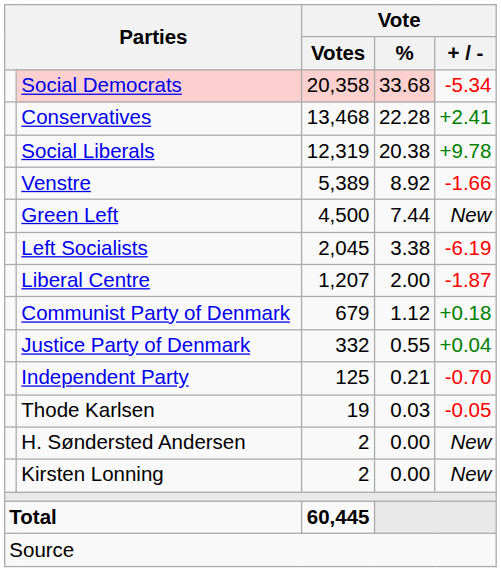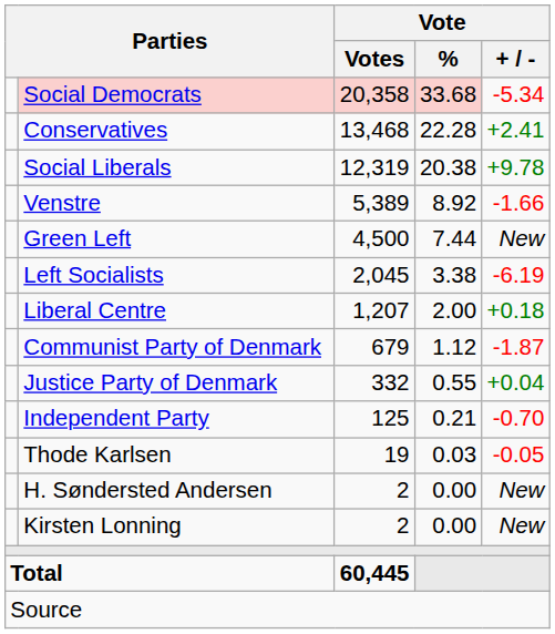 <table class="wikitable" style="text-align:right;">
 <tr>
 <th style="text-align:centre;" rowspan="2" colspan="2" width="225">Parties</th>
 <th colspan="3">Vote</th>
 </tr>
 <tr>
 <th width="15">Votes</th>
 <th width="15">%</th>
 <th width="15">+ / -</th>
 </tr>
 <tr>
 <td width="2" style="color:inherit;background:"></td>
 <td bgcolor=#fbd0ce  align="left"><a href='#'>Social Democrats</a></td>
 <td bgcolor=#fbd0ce>20,358</td>
 <td bgcolor=#fbd0ce>33.68</td>
 <td style=color:red;>-5.34</td>
 </tr>
 <tr>
 <td width="2" style="color:inherit;background:"></td>
 <td align="left"><a href='#'>Conservatives</a></td>
 <td>13,468</td>
 <td>22.28</td>
 <td style=color:green;>+2.41</td>
 </tr>
 <tr>
 <td width="2" style="color:inherit;background:"></td>
 <td align="left"><a href='#'>Social Liberals</a></td>
 <td>12,319</td>
 <td>20.38</td>
 <td style=color:green;>+9.78</td>
 </tr>
 <tr>
 <td width="2" style="color:inherit;background:"></td>
 <td align="left"><a href='#'>Venstre</a></td>
 <td>5,389</td>
 <td>8.92</td>
 <td style=color:red;>-1.66</td>
 </tr>
 <tr>
 <td width="2" style="color:inherit;background:"></td>
 <td align="left"><a href='#'>Green Left</a></td>
 <td>4,500</td>
 <td>7.44</td>
 <td><em>New</em></td>
 </tr>
 <tr>
 <td width="2" style="color:inherit;background:"></td>
 <td align="left"><a href='#'>Left Socialists</a></td>
 <td>2,045</td>
 <td>3.38</td>
 <td style=color:red;>-6.19</td>
 </tr>
 <tr>
 <td width="2" style="color:inherit;background:"></td>
 <td align="left"><a href='#'>Liberal Centre</a></td>
 <td>1,207</td>
 <td>2.00</td>
-<td style=color:red;>-1.87</td>
+<td style=color:green;>+0.18</td>
 </tr>
 <tr>
 <td width="2" style="color:inherit;background:"></td>
 <td align="left"><a href='#'>Communist Party of Denmark</a></td>
 <td>679</td>
 <td>1.12</td>
-<td style=color:green;>+0.18</td>
+<td style=color:red;>-1.87</td>
 </tr>
 <tr>
 <td width="2" style="color:inherit;background:"></td>
 <td align="left"><a href='#'>Justice Party of Denmark</a></td>
 <td>332</td>
 <td>0.55</td>
 <td style=color:green;>+0.04</td>
 </tr>
 <tr>
 <td width="2" style="color:inherit;background:"></td>
 <td align="left"><a href='#'>Independent Party</a></td>
 <td>125</td>
 <td>0.21</td>
 <td style=color:red;>-0.70</td>
 </tr>
 <tr>
 <td width="2" style="color:inherit;background:"></td>
 <td align="left">Thode Karlsen</td>
 <td>19</td>
 <td>0.03</td>
 <td style=color:red;>-0.05</td>
 </tr>
 <tr>
 <td width="2" style="color:inherit;background:"></td>
 <td align="left">H. Søndersted Andersen</td>
 <td>2</td>
 <td>0.00</td>
 <td><em>New</em></td>
 </tr>
 <tr>
 <td width="2" style="color:inherit;background:"></td>
 <td align="left">Kirsten Lonning</td>
 <td>2</td>
 <td>0.00</td>
 <td><em>New</em></td>
 </tr>
 <tr>
 <td colspan="7" bgcolor="#E9E9E9"></td>
 </tr>
 <tr>
 <td align="left" colspan="2"><strong>Total</strong></td>
 <td><strong>60,445</strong></td>
 <td bgcolor="#E9E9E9" colspan="2"></td>
 </tr>
 <tr>
 <td align="left" colspan="6">Source</td>
 </tr>
 </table>
